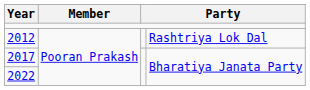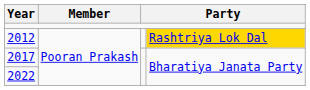 <table class="wikitable">
 <tr>
 <th>Year</th>
 <th>Member</th>
 <th colspan="2">Party</th>
 </tr>
 <tr>
 <td colspan="4"></td>
 </tr>
 <tr>
 <td><a href='#'>2012</a></td>
 <td rowspan="3"><a href='#'>Pooran Prakash</a></td>
 <td style="background-color: "></td>
-<td><a href='#'>Rashtriya Lok Dal</a></td>
+<td style="background: gold;"><a href='#'>Rashtriya Lok Dal</a></td>
 </tr>
 <tr>
 <td><a href='#'>2017</a></td>
 <td rowspan="2" style="background-color: "></td>
 <td rowspan="2"><a href='#'>Bharatiya Janata Party</a></td>
 </tr>
 <tr>
 <td><a href='#'>2022</a></td>
 </tr>
 </table>
